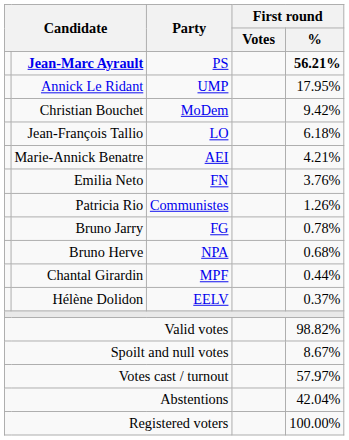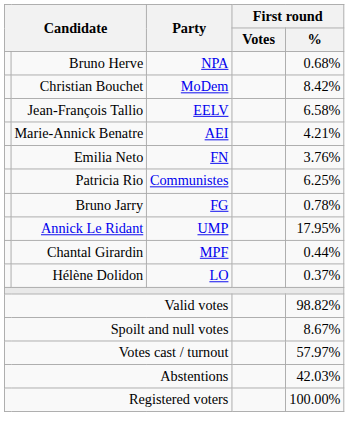 <table class="wikitable" style="text-align:right;font-size:95%;">
 <tr>
 <th rowspan=2 colspan=2>Candidate</th>
 <th rowspan=2 colspan=1>Party</th>
 <th colspan=2>First round</th>
 </tr>
 <tr>
 <th style="width:50px;">Votes</th>
 <th style="width:55px;">%</th>
 </tr>
 <tr>
 <td style="color:inherit;background-color:"></td>
-<td><strong><a href='#'>Jean-Marc Ayrault</a></strong></td>
-<td><a href='#'>PS</a></td>
-<td><strong></strong></td>
-<td><strong>56.21%</strong></td>
-</tr>
-<tr>
-<td style="color:inherit;background-color:"></td>
-<td><a href='#'>Annick Le Ridant</a></td>
-<td><a href='#'>UMP</a></td>
+<td>Bruno Herve</td>
+<td><a href='#'>NPA</a></td>
 <td></td>
-<td>17.95%</td>
+<td>0.68%</td>
 </tr>
 <tr>
 <td style="color:inherit;background-color:"></td>
 <td>Christian Bouchet</td>
 <td><a href='#'>MoDem</a></td>
 <td></td>
-<td>9.42%</td>
+<td>8.42%</td>
 </tr>
 <tr>
 <td style="color:inherit;background-color:"></td>
 <td>Jean-François Tallio</td>
-<td><a href='#'>LO</a></td>
+<td><a href='#'>EELV</a></td>
 <td></td>
-<td>6.18%</td>
+<td>6.58%</td>
 </tr>
 <tr>
 <td style="color:inherit;background-color:"></td>
 <td>Marie-Annick Benatre</td>
 <td><a href='#'>AEI</a></td>
 <td></td>
 <td>4.21%</td>
 </tr>
 <tr>
 <td style="color:inherit;background-color:"></td>
 <td>Emilia Neto</td>
 <td><a href='#'>FN</a></td>
 <td></td>
 <td>3.76%</td>
 </tr>
 <tr>
 <td style="color:inherit;background-color:"></td>
 <td>Patricia Rio</td>
 <td><a href='#'>Communistes</a></td>
 <td></td>
-<td>1.26%</td>
+<td>6.25%</td>
 </tr>
 <tr>
 <td style="color:inherit;background-color:"></td>
 <td>Bruno Jarry</td>
 <td><a href='#'>FG</a></td>
 <td></td>
 <td>0.78%</td>
 </tr>
 <tr>
 <td style="color:inherit;background-color:"></td>
-<td>Bruno Herve</td>
-<td><a href='#'>NPA</a></td>
+<td><a href='#'>Annick Le Ridant</a></td>
+<td><a href='#'>UMP</a></td>
 <td></td>
-<td>0.68%</td>
+<td>17.95%</td>
 </tr>
 <tr>
 <td style="color:inherit;background-color:"></td>
 <td>Chantal Girardin</td>
 <td><a href='#'>MPF</a></td>
 <td></td>
 <td>0.44%</td>
 </tr>
 <tr>
 <td style="color:inherit;background-color:"></td>
 <td>Hélène Dolidon</td>
-<td><a href='#'>EELV</a></td>
+<td><a href='#'>LO</a></td>
 <td></td>
 <td>0.37%</td>
 </tr>
 <tr>
 <td colspan=5 style="background-color:#E9E9E9;"></td>
 </tr>
 <tr>
 <td colspan=3>Valid votes</td>
 <td></td>
 <td>98.82%</td>
 </tr>
 <tr>
 <td colspan=3>Spoilt and null votes</td>
 <td></td>
 <td>8.67%</td>
 </tr>
 <tr>
 <td colspan=3>Votes cast / turnout</td>
 <td></td>
 <td>57.97%</td>
 </tr>
 <tr>
 <td colspan=3>Abstentions</td>
 <td></td>
-<td>42.04%</td>
+<td>42.03%</td>
 </tr>
 <tr>
 <td colspan=3>Registered voters</td>
 <td></td>
 <td>100.00%</td>
 </tr>
 </table>
